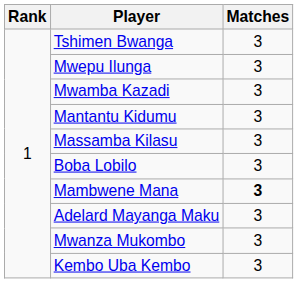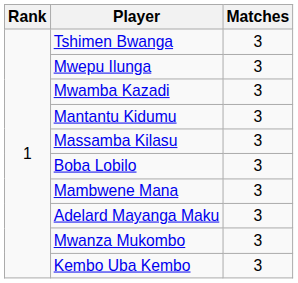 <table class="wikitable" style="text-align: left;">
 <tr>
 <th>Rank</th>
 <th>Player</th>
 <th>Matches</th>
 </tr>
 <tr>
 <td rowspan=10 align=center>1</td>
 <td><a href='#'>Tshimen Bwanga</a></td>
 <td align=center>3</td>
 </tr>
 <tr>
 <td><a href='#'>Mwepu Ilunga</a></td>
 <td align=center>3</td>
 </tr>
 <tr>
 <td><a href='#'>Mwamba Kazadi</a></td>
 <td align=center>3</td>
 </tr>
 <tr>
 <td><a href='#'>Mantantu Kidumu</a></td>
 <td align=center>3</td>
 </tr>
 <tr>
 <td><a href='#'>Massamba Kilasu</a></td>
 <td align=center>3</td>
 </tr>
 <tr>
 <td><a href='#'>Boba Lobilo</a></td>
 <td align=center>3</td>
 </tr>
 <tr>
 <td><a href='#'>Mambwene Mana</a></td>
-<td align=center><strong>3</strong></td>
+<td align=center>3</td>
 </tr>
 <tr>
 <td><a href='#'>Adelard Mayanga Maku</a></td>
 <td align=center>3</td>
 </tr>
 <tr>
 <td><a href='#'>Mwanza Mukombo</a></td>
 <td align=center>3</td>
 </tr>
 <tr>
 <td><a href='#'>Kembo Uba Kembo</a></td>
 <td align=center>3</td>
 </tr>
 </table>
